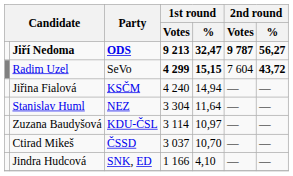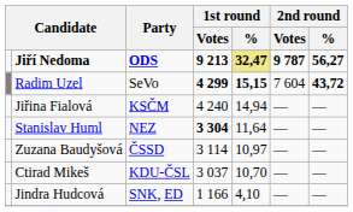 <table class="wikitable sortable">
 <tr>
 <th colspan="2" rowspan="2">Candidate</th>
 <th rowspan="2">Party</th>
 <th colspan="2">1st round</th>
 <th colspan="2">2nd round</th>
 </tr>
 <tr>
 <th>Votes</th>
 <th>%</th>
 <th>Votes</th>
 <th>%</th>
 </tr>
 <tr>
 <td style="background-color:"></td>
 <td><strong>Jiří Nedoma</strong></td>
 <td><a href='#'><strong>ODS</strong></a></td>
 <td><strong>9 213</strong></td>
-<td><strong>32,47</strong></td>
+<td style="background: khaki;"><strong>32,47</strong></td>
 <td><strong>9 787</strong></td>
 <td><strong>56,27</strong></td>
 </tr>
 <tr>
 <td style="background-color:grey"></td>
 <td><a href='#'>Radim Uzel</a></td>
 <td>SeVo</td>
 <td><strong>4 299</strong></td>
 <td><strong>15,15</strong></td>
 <td>7 604</td>
 <td><strong>43,72</strong></td>
 </tr>
 <tr>
 <td style="background-color:"></td>
 <td>Jiřina Fialová</td>
 <td><a href='#'>KSČM</a></td>
 <td>4 240</td>
 <td>14,94</td>
 <td>—</td>
 <td>—</td>
 </tr>
 <tr>
 <td style="background-color:"></td>
 <td><a href='#'>Stanislav Huml</a></td>
 <td><a href='#'>NEZ</a></td>
-<td>3 304</td>
+<td><strong>3 304</strong></td>
 <td>11,64</td>
 <td>—</td>
 <td>—</td>
 </tr>
 <tr>
 <td style="background-color:"></td>
 <td>Zuzana Baudyšová</td>
-<td><a href='#'>KDU-ČSL</a></td>
+<td><a href='#'>ČSSD</a></td>
 <td>3 114</td>
 <td>10,97</td>
 <td>—</td>
 <td>—</td>
 </tr>
 <tr>
 <td style="background-color:"></td>
 <td>Ctirad Mikeš</td>
-<td><a href='#'>ČSSD</a></td>
+<td><a href='#'>KDU-ČSL</a></td>
 <td>3 037</td>
 <td>10,70</td>
 <td>—</td>
 <td>—</td>
 </tr>
 <tr>
 <td style="background-color:"></td>
 <td>Jindra Hudcová</td>
 <td><a href='#'>SNK</a>, <a href='#'>ED</a></td>
 <td>1 166</td>
 <td>4,10</td>
 <td>—</td>
 <td>—</td>
 </tr>
 <tr>
 </tr>
 </table>
